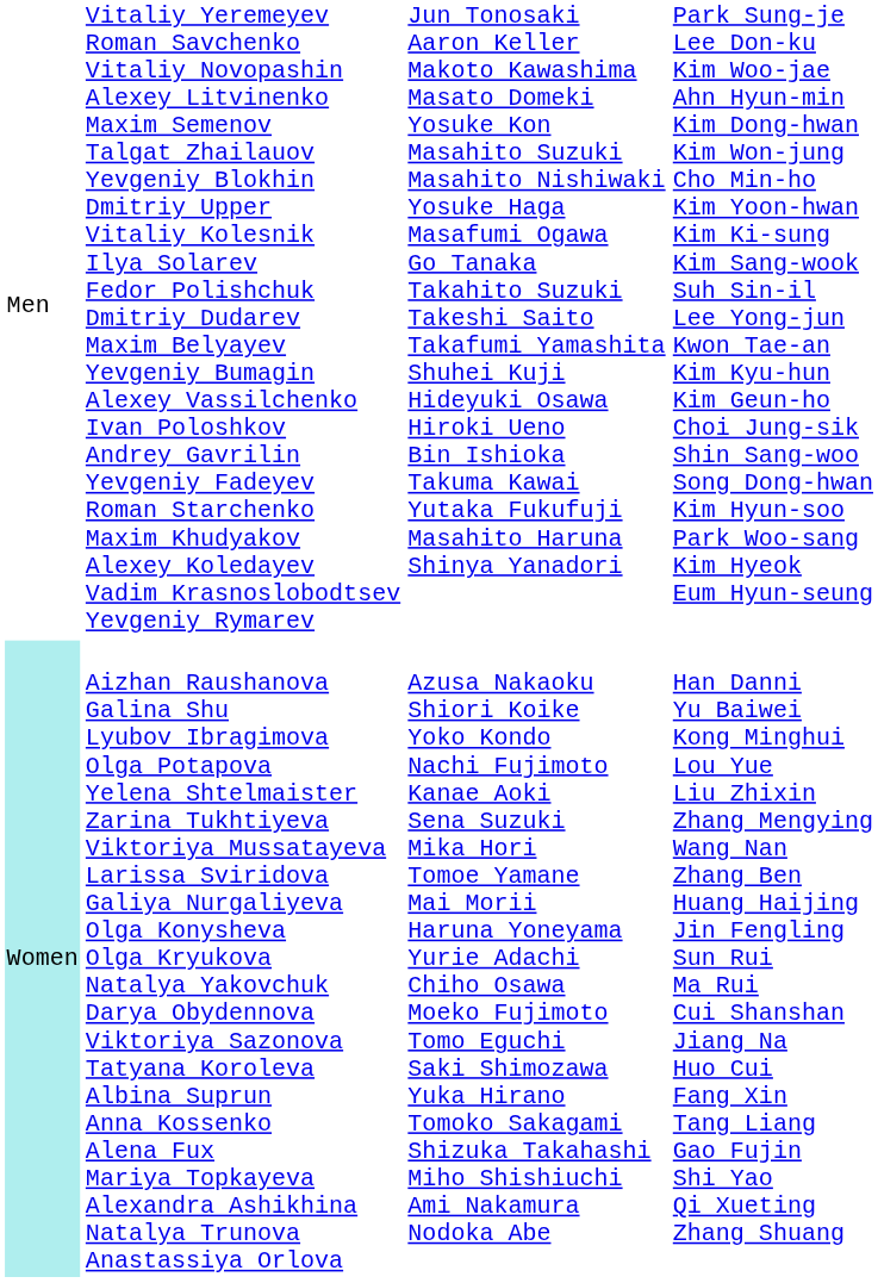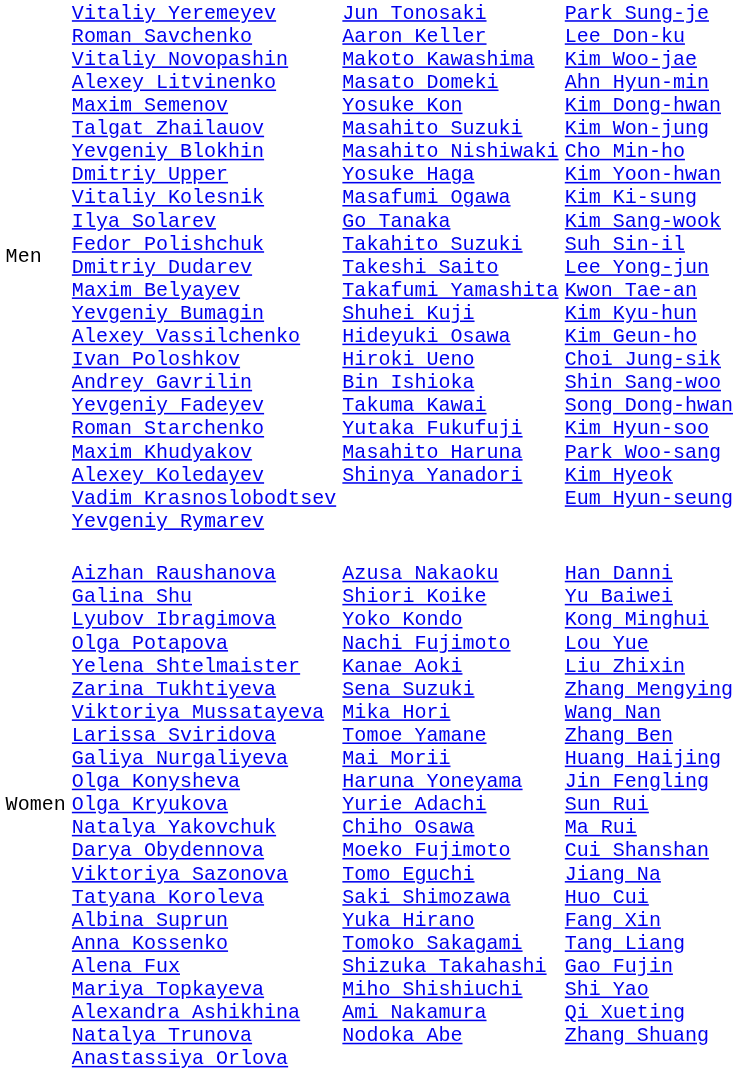 <table>
 <tr>
 <td>Men<br></td>
 <td><br><a href='#'>Vitaliy Yeremeyev</a><br><a href='#'>Roman Savchenko</a><br><a href='#'>Vitaliy Novopashin</a><br><a href='#'>Alexey Litvinenko</a><br><a href='#'>Maxim Semenov</a><br><a href='#'>Talgat Zhailauov</a><br><a href='#'>Yevgeniy Blokhin</a><br><a href='#'>Dmitriy Upper</a><br><a href='#'>Vitaliy Kolesnik</a><br><a href='#'>Ilya Solarev</a><br><a href='#'>Fedor Polishchuk</a><br><a href='#'>Dmitriy Dudarev</a><br><a href='#'>Maxim Belyayev</a><br><a href='#'>Yevgeniy Bumagin</a><br><a href='#'>Alexey Vassilchenko</a><br><a href='#'>Ivan Poloshkov</a><br><a href='#'>Andrey Gavrilin</a><br><a href='#'>Yevgeniy Fadeyev</a><br><a href='#'>Roman Starchenko</a><br><a href='#'>Maxim Khudyakov</a><br><a href='#'>Alexey Koledayev</a><br><a href='#'>Vadim Krasnoslobodtsev</a><br><a href='#'>Yevgeniy Rymarev</a></td>
 <td valign=top><br><a href='#'>Jun Tonosaki</a><br><a href='#'>Aaron Keller</a><br><a href='#'>Makoto Kawashima</a><br><a href='#'>Masato Domeki</a><br><a href='#'>Yosuke Kon</a><br><a href='#'>Masahito Suzuki</a><br><a href='#'>Masahito Nishiwaki</a><br><a href='#'>Yosuke Haga</a><br><a href='#'>Masafumi Ogawa</a><br><a href='#'>Go Tanaka</a><br><a href='#'>Takahito Suzuki</a><br><a href='#'>Takeshi Saito</a><br><a href='#'>Takafumi Yamashita</a><br><a href='#'>Shuhei Kuji</a><br><a href='#'>Hideyuki Osawa</a><br><a href='#'>Hiroki Ueno</a><br><a href='#'>Bin Ishioka</a><br><a href='#'>Takuma Kawai</a><br><a href='#'>Yutaka Fukufuji</a><br><a href='#'>Masahito Haruna</a><br><a href='#'>Shinya Yanadori</a></td>
 <td valign=top><br><a href='#'>Park Sung-je</a><br><a href='#'>Lee Don-ku</a><br><a href='#'>Kim Woo-jae</a><br><a href='#'>Ahn Hyun-min</a><br><a href='#'>Kim Dong-hwan</a><br><a href='#'>Kim Won-jung</a><br><a href='#'>Cho Min-ho</a><br><a href='#'>Kim Yoon-hwan</a><br><a href='#'>Kim Ki-sung</a><br><a href='#'>Kim Sang-wook</a><br><a href='#'>Suh Sin-il</a><br><a href='#'>Lee Yong-jun</a><br><a href='#'>Kwon Tae-an</a><br><a href='#'>Kim Kyu-hun</a><br><a href='#'>Kim Geun-ho</a><br><a href='#'>Choi Jung-sik</a><br><a href='#'>Shin Sang-woo</a><br><a href='#'>Song Dong-hwan</a><br><a href='#'>Kim Hyun-soo</a><br><a href='#'>Park Woo-sang</a><br><a href='#'>Kim Hyeok</a><br><a href='#'>Eum Hyun-seung</a></td>
 </tr>
 <tr>
-<td style="background: paleturquoise;">Women<br></td>
+<td>Women<br></td>
 <td><br><a href='#'>Aizhan Raushanova</a><br><a href='#'>Galina Shu</a><br><a href='#'>Lyubov Ibragimova</a><br><a href='#'>Olga Potapova</a><br><a href='#'>Yelena Shtelmaister</a><br><a href='#'>Zarina Tukhtiyeva</a><br><a href='#'>Viktoriya Mussatayeva</a><br><a href='#'>Larissa Sviridova</a><br><a href='#'>Galiya Nurgaliyeva</a><br><a href='#'>Olga Konysheva</a><br><a href='#'>Olga Kryukova</a><br><a href='#'>Natalya Yakovchuk</a><br><a href='#'>Darya Obydennova</a><br><a href='#'>Viktoriya Sazonova</a><br><a href='#'>Tatyana Koroleva</a><br><a href='#'>Albina Suprun</a><br><a href='#'>Anna Kossenko</a><br><a href='#'>Alena Fux</a><br><a href='#'>Mariya Topkayeva</a><br><a href='#'>Alexandra Ashikhina</a><br><a href='#'>Natalya Trunova</a><br><a href='#'>Anastassiya Orlova</a></td>
 <td valign=top><br><a href='#'>Azusa Nakaoku</a><br><a href='#'>Shiori Koike</a><br><a href='#'>Yoko Kondo</a><br><a href='#'>Nachi Fujimoto</a><br><a href='#'>Kanae Aoki</a><br><a href='#'>Sena Suzuki</a><br><a href='#'>Mika Hori</a><br><a href='#'>Tomoe Yamane</a><br><a href='#'>Mai Morii</a><br><a href='#'>Haruna Yoneyama</a><br><a href='#'>Yurie Adachi</a><br><a href='#'>Chiho Osawa</a><br><a href='#'>Moeko Fujimoto</a><br><a href='#'>Tomo Eguchi</a><br><a href='#'>Saki Shimozawa</a><br><a href='#'>Yuka Hirano</a><br><a href='#'>Tomoko Sakagami</a><br><a href='#'>Shizuka Takahashi</a><br><a href='#'>Miho Shishiuchi</a><br><a href='#'>Ami Nakamura</a><br><a href='#'>Nodoka Abe</a></td>
 <td valign=top><br><a href='#'>Han Danni</a><br><a href='#'>Yu Baiwei</a><br><a href='#'>Kong Minghui</a><br><a href='#'>Lou Yue</a><br><a href='#'>Liu Zhixin</a><br><a href='#'>Zhang Mengying</a><br><a href='#'>Wang Nan</a><br><a href='#'>Zhang Ben</a><br><a href='#'>Huang Haijing</a><br><a href='#'>Jin Fengling</a><br><a href='#'>Sun Rui</a><br><a href='#'>Ma Rui</a><br><a href='#'>Cui Shanshan</a><br><a href='#'>Jiang Na</a><br><a href='#'>Huo Cui</a><br><a href='#'>Fang Xin</a><br><a href='#'>Tang Liang</a><br><a href='#'>Gao Fujin</a><br><a href='#'>Shi Yao</a><br><a href='#'>Qi Xueting</a><br><a href='#'>Zhang Shuang</a></td>
 </tr>
 </table>
